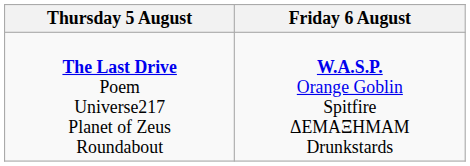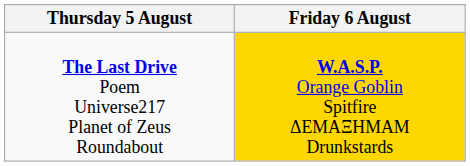 <table class="wikitable">
 <tr>
 <th>Thursday 5 August</th>
 <th>Friday 6 August</th>
 </tr>
 <tr>
 <td valign="top" align="center" width=200><br><strong><a href='#'>The Last Drive</a></strong> <br>Poem  <br>Universe217 <br>Planet of Zeus <br>Roundabout</td>
-<td valign="top" align="center" width=200><br><strong><a href='#'>W.A.S.P.</a></strong> <br><a href='#'>Orange Goblin</a> <br>Spitfire  <br>ΔΕΜΑΞΗΜΑΜ <br>Drunkstards</td>
+<td valign="top" align="center" width=200 style="background: gold;"><br><strong><a href='#'>W.A.S.P.</a></strong> <br><a href='#'>Orange Goblin</a> <br>Spitfire  <br>ΔΕΜΑΞΗΜΑΜ <br>Drunkstards</td>
 </tr>
 </table>
